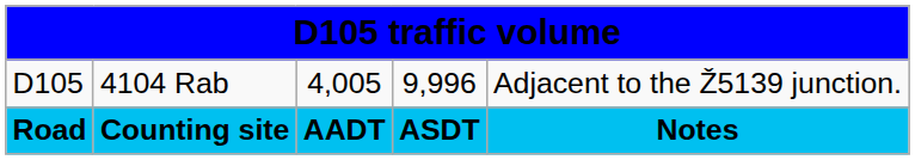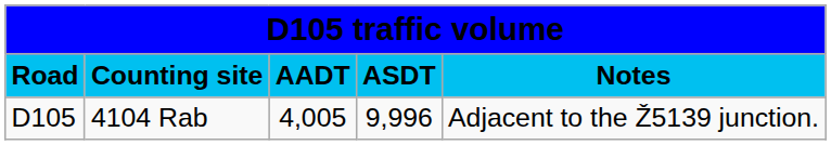 <table class="wikitable">
 <tr>
 <td colspan=5 bgcolor=blue align=center style=margin-top:15><span><big><strong>D105 traffic volume</strong></big></span></td>
+</tr>
+<tr>
+<td align=center bgcolor=00c0f0><strong>Road</strong></td>
+<td align=center bgcolor=00c0f0><strong>Counting site</strong></td>
+<td align=center bgcolor=00c0f0><strong>AADT</strong></td>
+<td align=center bgcolor=00c0f0><strong>ASDT</strong></td>
+<td align=center bgcolor=00c0f0><strong>Notes</strong></td>
 </tr>
 <tr>
 <td> D105</td>
 <td>4104 Rab</td>
 <td align=center>4,005</td>
 <td align=center>9,996</td>
 <td>Adjacent to the Ž5139 junction.</td>
 </tr>
-<tr>
-<td align=center bgcolor=00c0f0><strong>Road</strong></td>
-<td align=center bgcolor=00c0f0><strong>Counting site</strong></td>
-<td align=center bgcolor=00c0f0><strong>AADT</strong></td>
-<td align=center bgcolor=00c0f0><strong>ASDT</strong></td>
-<td align=center bgcolor=00c0f0><strong>Notes</strong></td>
-</tr>
 </table>
